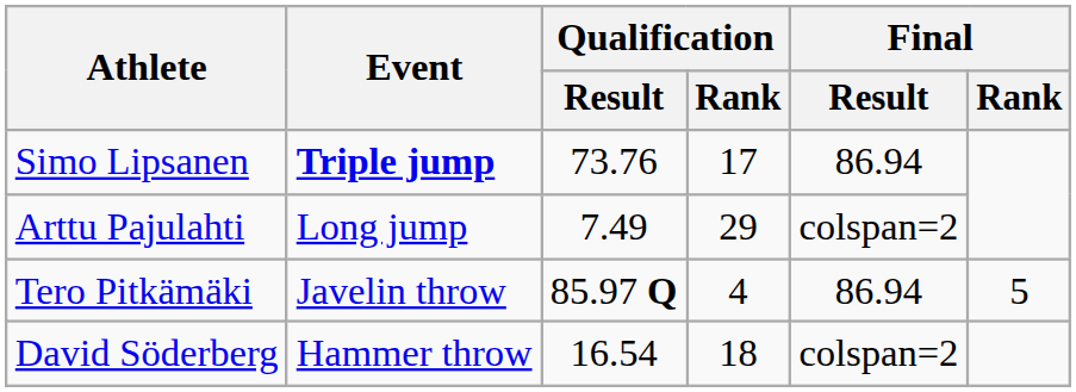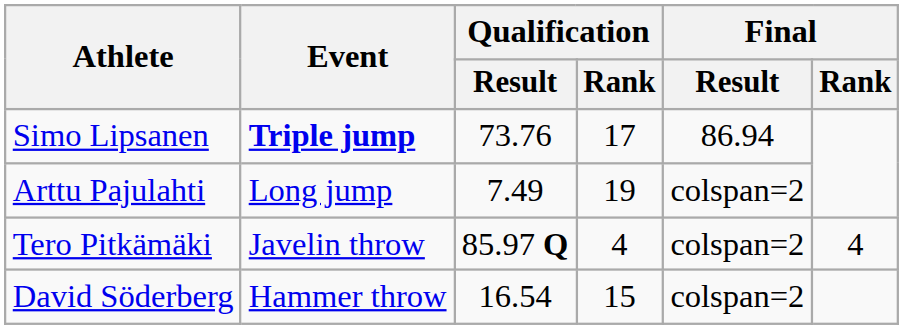 <table class=wikitable style=font-size:90%>
 <tr>
 <th rowspan=2>Athlete</th>
 <th rowspan=2>Event</th>
 <th colspan=2>Qualification</th>
 <th colspan=2>Final</th>
 </tr>
 <tr style=font-size:95%>
 <th>Result</th>
 <th>Rank</th>
 <th>Result</th>
 <th>Rank</th>
 </tr>
 <tr align=center>
 <td align=left><a href='#'>Simo Lipsanen</a></td>
 <td align=left><strong><a href='#'>Triple jump</a></strong></td>
 <td>73.76</td>
 <td>17</td>
 <td>86.94</td>
 </tr>
 <tr align=center>
 <td align=left><a href='#'>Arttu Pajulahti</a></td>
 <td align=left><a href='#'>Long jump</a></td>
 <td>7.49</td>
-<td>29</td>
+<td>19</td>
 <td>colspan=2 </td>
 </tr>
 <tr align=center>
 <td align=left><a href='#'>Tero Pitkämäki</a></td>
 <td align=left><a href='#'>Javelin throw</a></td>
 <td>85.97 <strong>Q</strong></td>
 <td>4</td>
-<td>86.94</td>
-<td>5</td>
+<td>colspan=2 </td>
+<td>4</td>
 </tr>
 <tr align=center>
 <td align=left><a href='#'>David Söderberg</a></td>
 <td align=left><a href='#'>Hammer throw</a></td>
 <td>16.54</td>
-<td>18</td>
+<td>15</td>
 <td>colspan=2 </td>
 </tr>
 </table>
